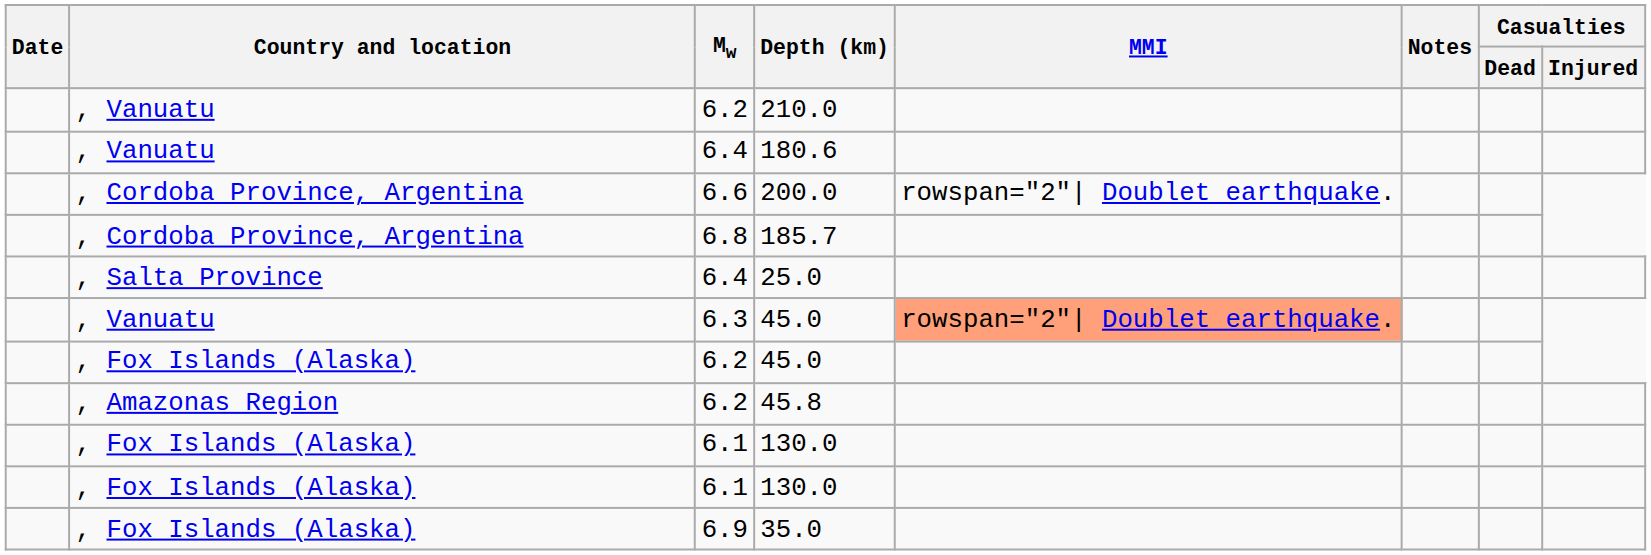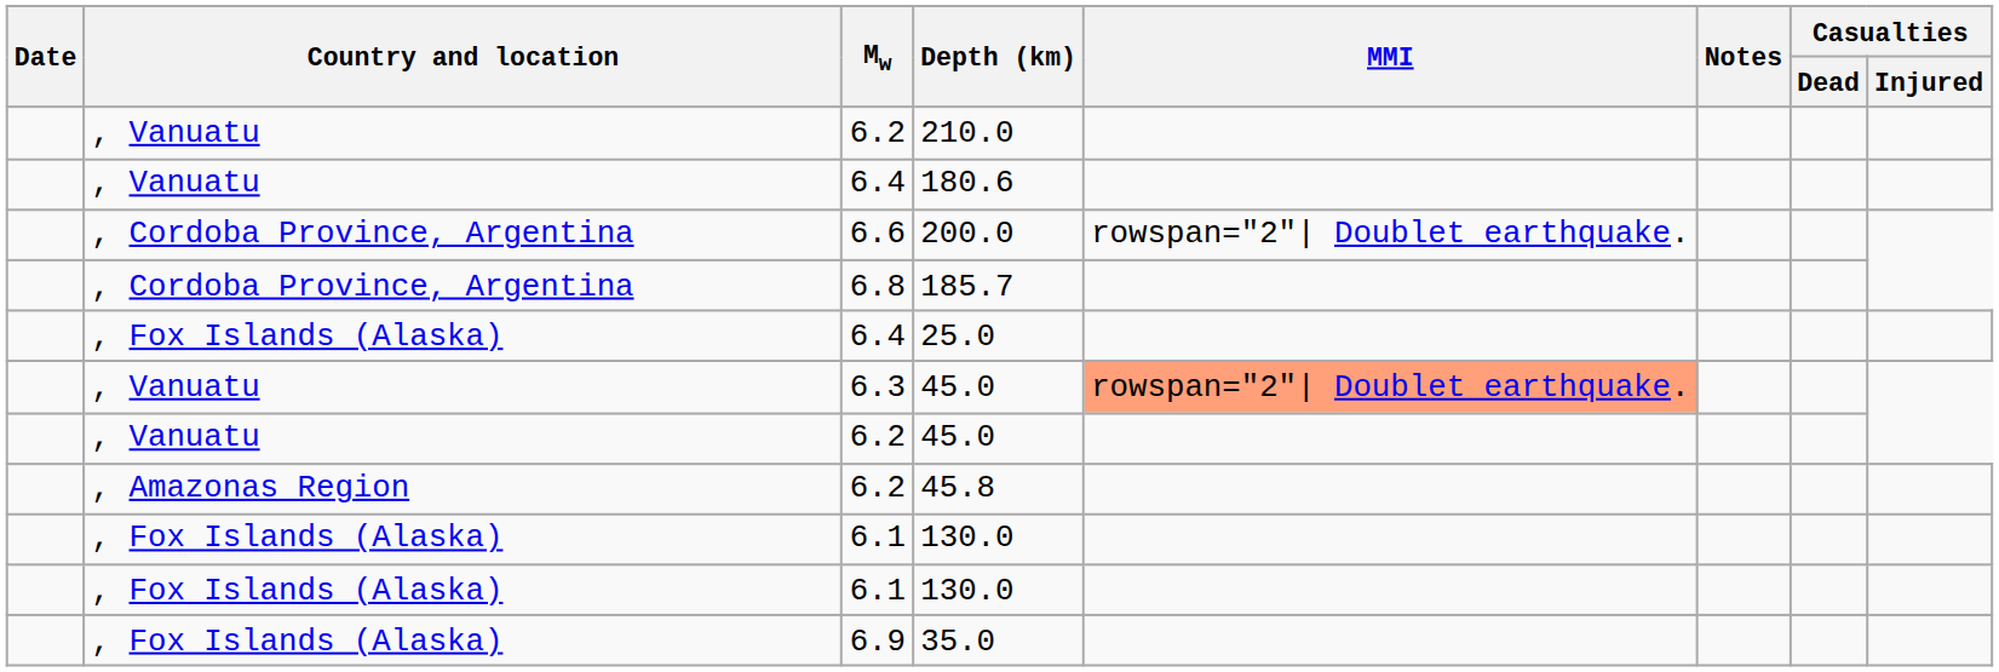 <table class="wikitable sortable sort-under" style="border:1px black; margin-left:1em;">
 <tr>
 <th rowspan="2"><small>Date</small></th>
 <th rowspan="2" style="width: 310px"><small>Country and location</small></th>
 <th rowspan="2"><small>M<sub>w</sub></small></th>
 <th rowspan="2"><small>Depth (km)</small></th>
 <th rowspan="2"><small><a href='#'>MMI</a></small></th>
 <th rowspan="2" class="unsortable"><small>Notes</small></th>
 <th colspan="2"><small>Casualties</small></th>
 </tr>
 <tr>
 <th><small>Dead</small></th>
 <th><small>Injured</small></th>
 </tr>
 <tr>
 <td></td>
 <td>, <a href='#'>Vanuatu</a></td>
 <td>6.2</td>
 <td>210.0</td>
 <td></td>
 <td></td>
 <td></td>
 <td></td>
 </tr>
 <tr>
 <td></td>
 <td>, <a href='#'>Vanuatu</a></td>
 <td>6.4</td>
 <td>180.6</td>
 <td></td>
 <td></td>
 <td></td>
 <td></td>
 </tr>
 <tr>
 <td></td>
 <td>, <a href='#'>Cordoba Province, Argentina</a></td>
 <td>6.6</td>
 <td>200.0</td>
 <td>rowspan="2"| <a href='#'>Doublet earthquake</a>.</td>
 <td></td>
 <td></td>
 </tr>
 <tr>
 <td></td>
 <td>, <a href='#'>Cordoba Province, Argentina</a></td>
 <td>6.8</td>
 <td>185.7</td>
 <td></td>
 <td></td>
 <td></td>
 </tr>
 <tr>
 <td></td>
-<td>, <a href='#'>Salta Province</a></td>
+<td>, <a href='#'>Fox Islands (Alaska)</a></td>
 <td>6.4</td>
 <td>25.0</td>
 <td></td>
 <td></td>
 <td></td>
 <td></td>
 </tr>
 <tr>
 <td></td>
 <td>, <a href='#'>Vanuatu</a></td>
 <td>6.3</td>
 <td>45.0</td>
 <td style="background: lightsalmon;">rowspan="2"| <a href='#'>Doublet earthquake</a>.</td>
 <td></td>
 <td></td>
 </tr>
 <tr>
 <td></td>
-<td>, <a href='#'>Fox Islands (Alaska)</a></td>
+<td>, <a href='#'>Vanuatu</a></td>
 <td>6.2</td>
 <td>45.0</td>
 <td></td>
 <td></td>
 <td></td>
 </tr>
 <tr>
 <td></td>
 <td>, <a href='#'>Amazonas Region</a></td>
 <td>6.2</td>
 <td>45.8</td>
 <td></td>
 <td></td>
 <td></td>
 <td></td>
 </tr>
 <tr>
 <td></td>
 <td>, <a href='#'>Fox Islands (Alaska)</a></td>
 <td>6.1</td>
 <td>130.0</td>
 <td></td>
 <td></td>
 <td></td>
 <td></td>
 </tr>
 <tr>
 <td></td>
 <td>, <a href='#'>Fox Islands (Alaska)</a></td>
 <td>6.1</td>
 <td>130.0</td>
 <td></td>
 <td></td>
 <td></td>
 <td></td>
 </tr>
 <tr>
 <td></td>
 <td>, <a href='#'>Fox Islands (Alaska)</a></td>
 <td>6.9</td>
 <td>35.0</td>
 <td></td>
 <td></td>
 <td></td>
 <td></td>
 </tr>
 </table>
